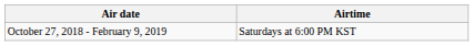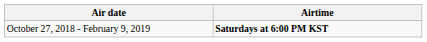 <table class="wikitable" style = "font-size: 90%;">
 <tr>
 <th width=300>Air date</th>
 <th width=300>Airtime</th>
 </tr>
 <tr>
 <td>October 27, 2018 - February 9, 2019</td>
-<td>Saturdays at 6:00 PM KST</td>
+<td><strong>Saturdays at 6:00 PM KST</strong></td>
 </tr>
 </table>
